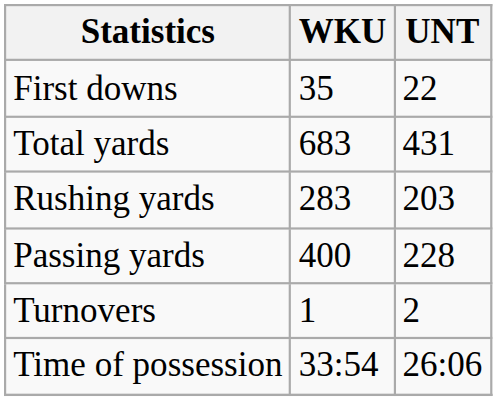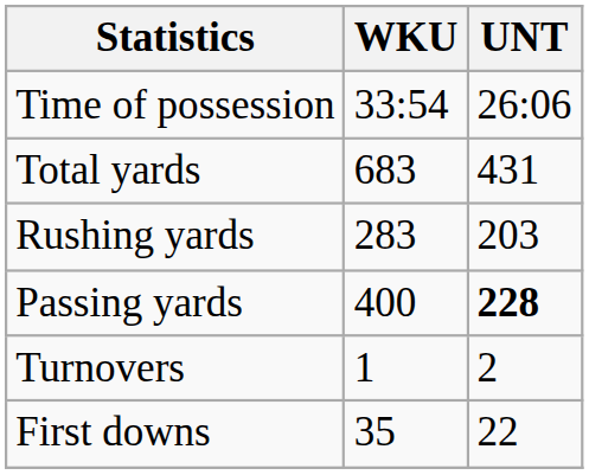 <table class="wikitable">
 <tr>
 <th>Statistics</th>
 <th>WKU</th>
 <th>UNT</th>
 </tr>
 <tr>
-<td>First downs</td>
-<td>35</td>
-<td>22</td>
+<td>Time of possession</td>
+<td>33:54</td>
+<td>26:06</td>
 </tr>
 <tr>
 <td>Total yards</td>
 <td>683</td>
 <td>431</td>
 </tr>
 <tr>
 <td>Rushing yards</td>
 <td>283</td>
 <td>203</td>
 </tr>
 <tr>
 <td>Passing yards</td>
 <td>400</td>
-<td>228</td>
+<td><strong>228</strong></td>
 </tr>
 <tr>
 <td>Turnovers</td>
 <td>1</td>
 <td>2</td>
 </tr>
 <tr>
-<td>Time of possession</td>
-<td>33:54</td>
-<td>26:06</td>
+<td>First downs</td>
+<td>35</td>
+<td>22</td>
 </tr>
 <tr>
 </tr>
 </table>
